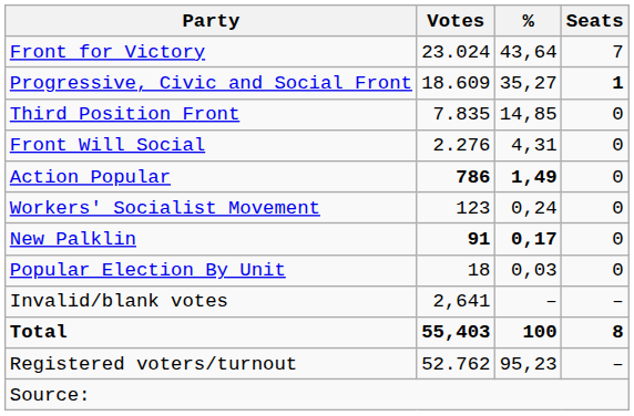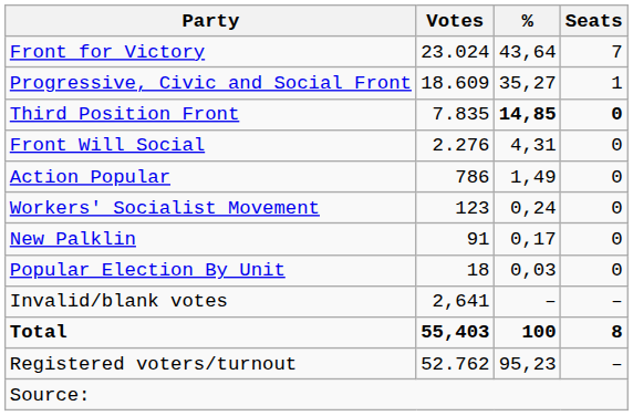 <table class=wikitable style=text-align:right>
 <tr>
 <th>Party</th>
 <th>Votes</th>
 <th>%</th>
 <th>Seats</th>
 </tr>
 <tr>
 <td align=left><a href='#'>Front for Victory</a></td>
 <td>23.024</td>
 <td>43,64</td>
 <td>7</td>
 </tr>
 <tr>
 <td align=left><a href='#'>Progressive, Civic and Social Front</a></td>
 <td>18.609</td>
 <td>35,27</td>
-<td><strong>1</strong></td>
+<td>1</td>
 </tr>
 <tr>
 <td align=left><a href='#'>Third Position Front</a></td>
 <td>7.835</td>
-<td>14,85</td>
-<td>0</td>
+<td><strong>14,85</strong></td>
+<td><strong>0</strong></td>
 </tr>
 <tr>
 <td align=left><a href='#'>Front Will Social</a></td>
 <td>2.276</td>
 <td>4,31</td>
 <td>0</td>
 </tr>
 <tr>
 <td align=left><a href='#'>Action Popular</a></td>
-<td><strong>786</strong></td>
-<td><strong>1,49</strong></td>
+<td>786</td>
+<td>1,49</td>
 <td>0</td>
 </tr>
 <tr>
 <td align=left><a href='#'>Workers' Socialist Movement</a></td>
 <td>123</td>
 <td>0,24</td>
 <td>0</td>
 </tr>
 <tr>
 <td align=left><a href='#'>New Palklin</a></td>
-<td><strong>91</strong></td>
-<td><strong>0,17</strong></td>
+<td>91</td>
+<td>0,17</td>
 <td>0</td>
 </tr>
 <tr>
 <td align=left><a href='#'>Popular Election By Unit</a></td>
 <td>18</td>
 <td>0,03</td>
 <td>0</td>
 </tr>
 <tr>
 <td align=left>Invalid/blank votes</td>
 <td>2,641</td>
 <td>–</td>
 <td>–</td>
 </tr>
 <tr>
 <td align=left><strong>Total</strong></td>
 <td><strong>55,403</strong></td>
 <td><strong>100</strong></td>
 <td><strong>8</strong></td>
 </tr>
 <tr>
 <td align=left>Registered voters/turnout</td>
 <td>52.762</td>
 <td>95,23</td>
 <td>–</td>
 </tr>
 <tr>
 <td align=left colspan=5>Source: </td>
 </tr>
 </table>
